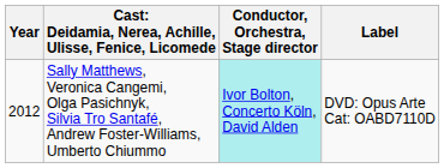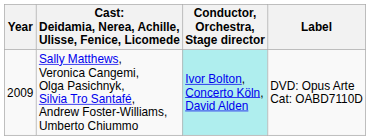 <table class="wikitable">
 <tr>
 <th>Year</th>
 <th>Cast:<br>Deidamia, Nerea, Achille,<br>Ulisse, Fenice, Licomede</th>
 <th>Conductor,<br>Orchestra,<br>Stage director</th>
 <th>Label</th>
 </tr>
 <tr>
-<td>2012</td>
+<td>2009</td>
 <td><a href='#'>Sally Matthews</a>,<br>Veronica Cangemi,<br>Olga Pasichnyk,<br><a href='#'>Silvia Tro Santafé</a>,<br>Andrew Foster-Williams,<br>Umberto Chiummo</td>
 <td style="background: paleturquoise;"><a href='#'>Ivor Bolton</a>,<br><a href='#'>Concerto Köln</a>,<br><a href='#'>David Alden</a></td>
 <td>DVD: Opus Arte<br>Cat: OABD7110D</td>
 </tr>
 </table>
